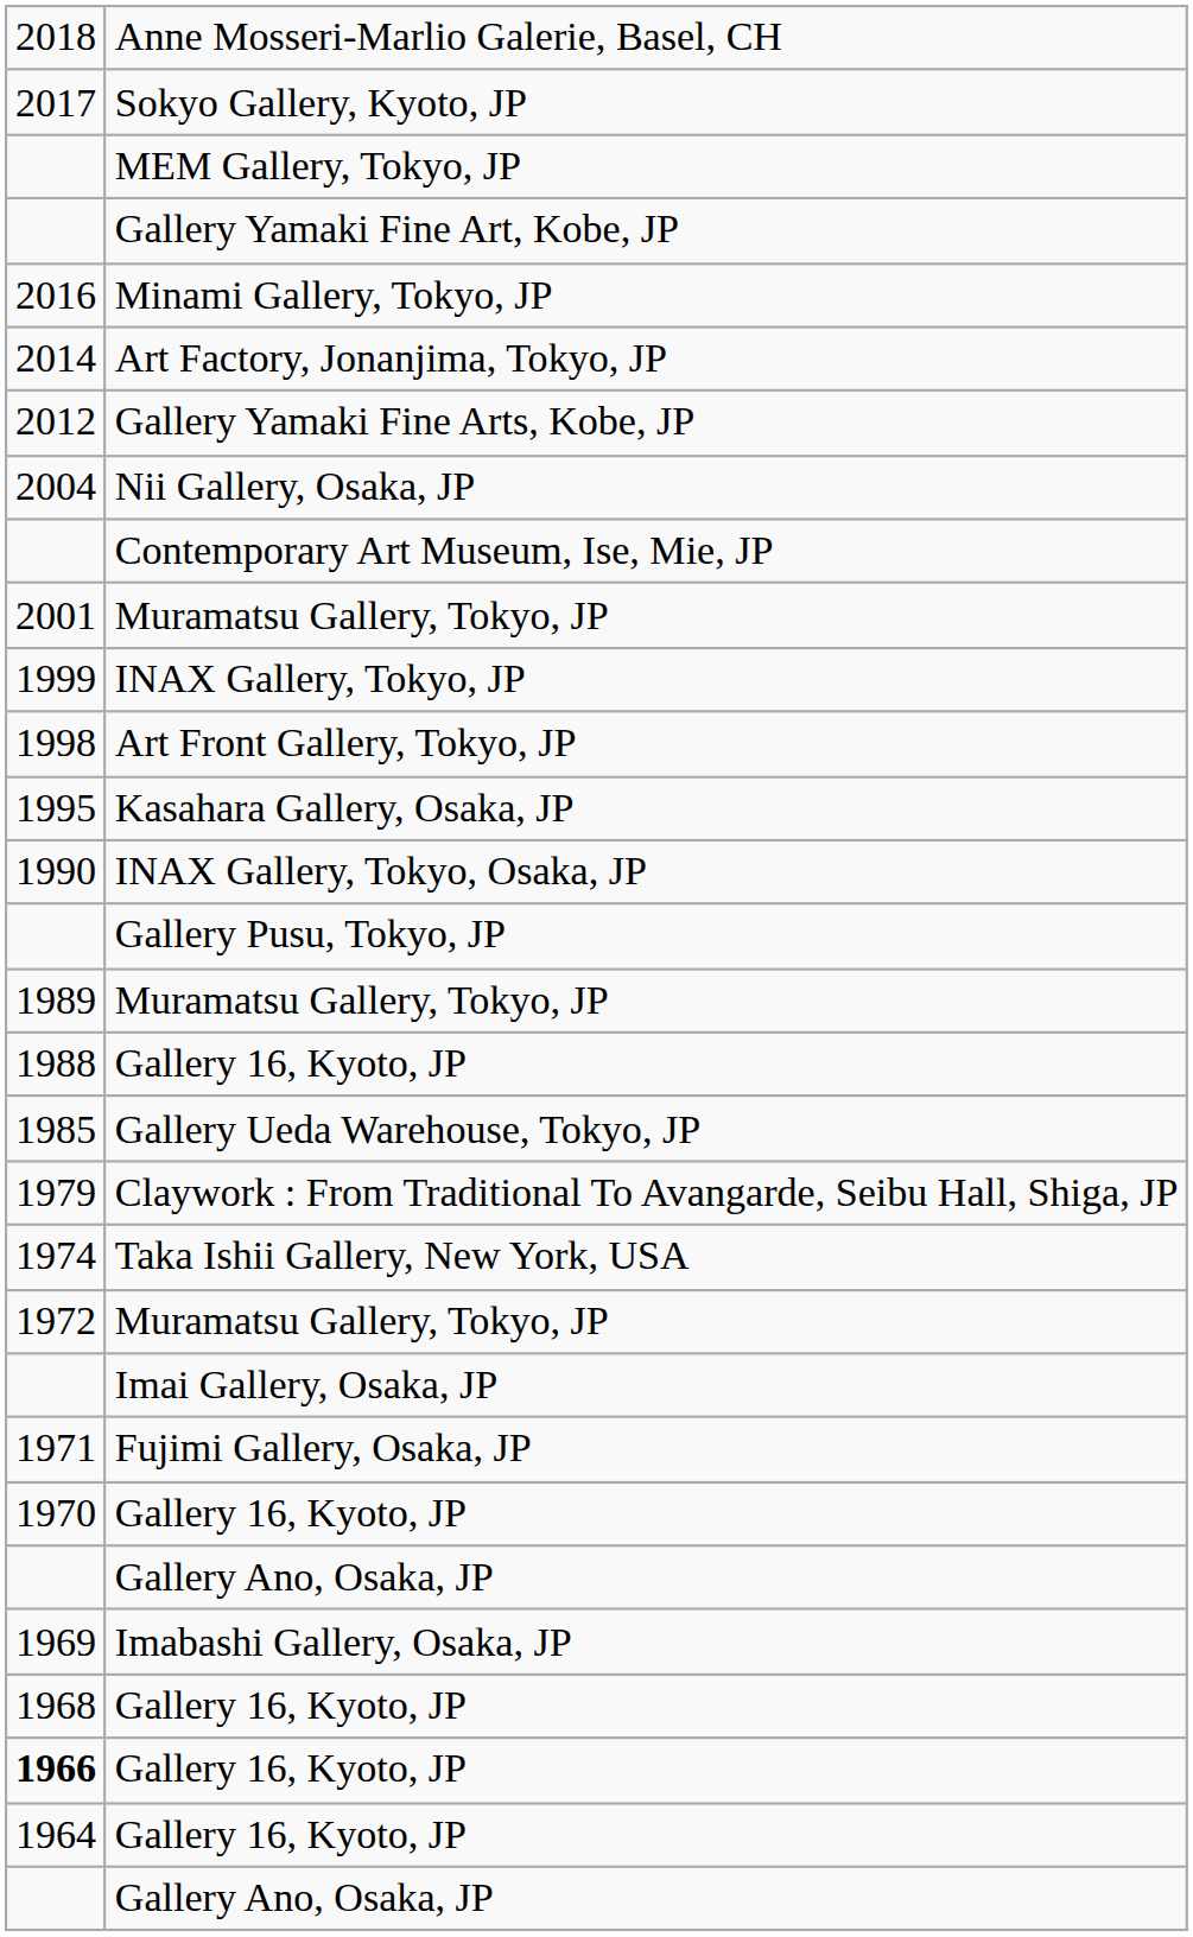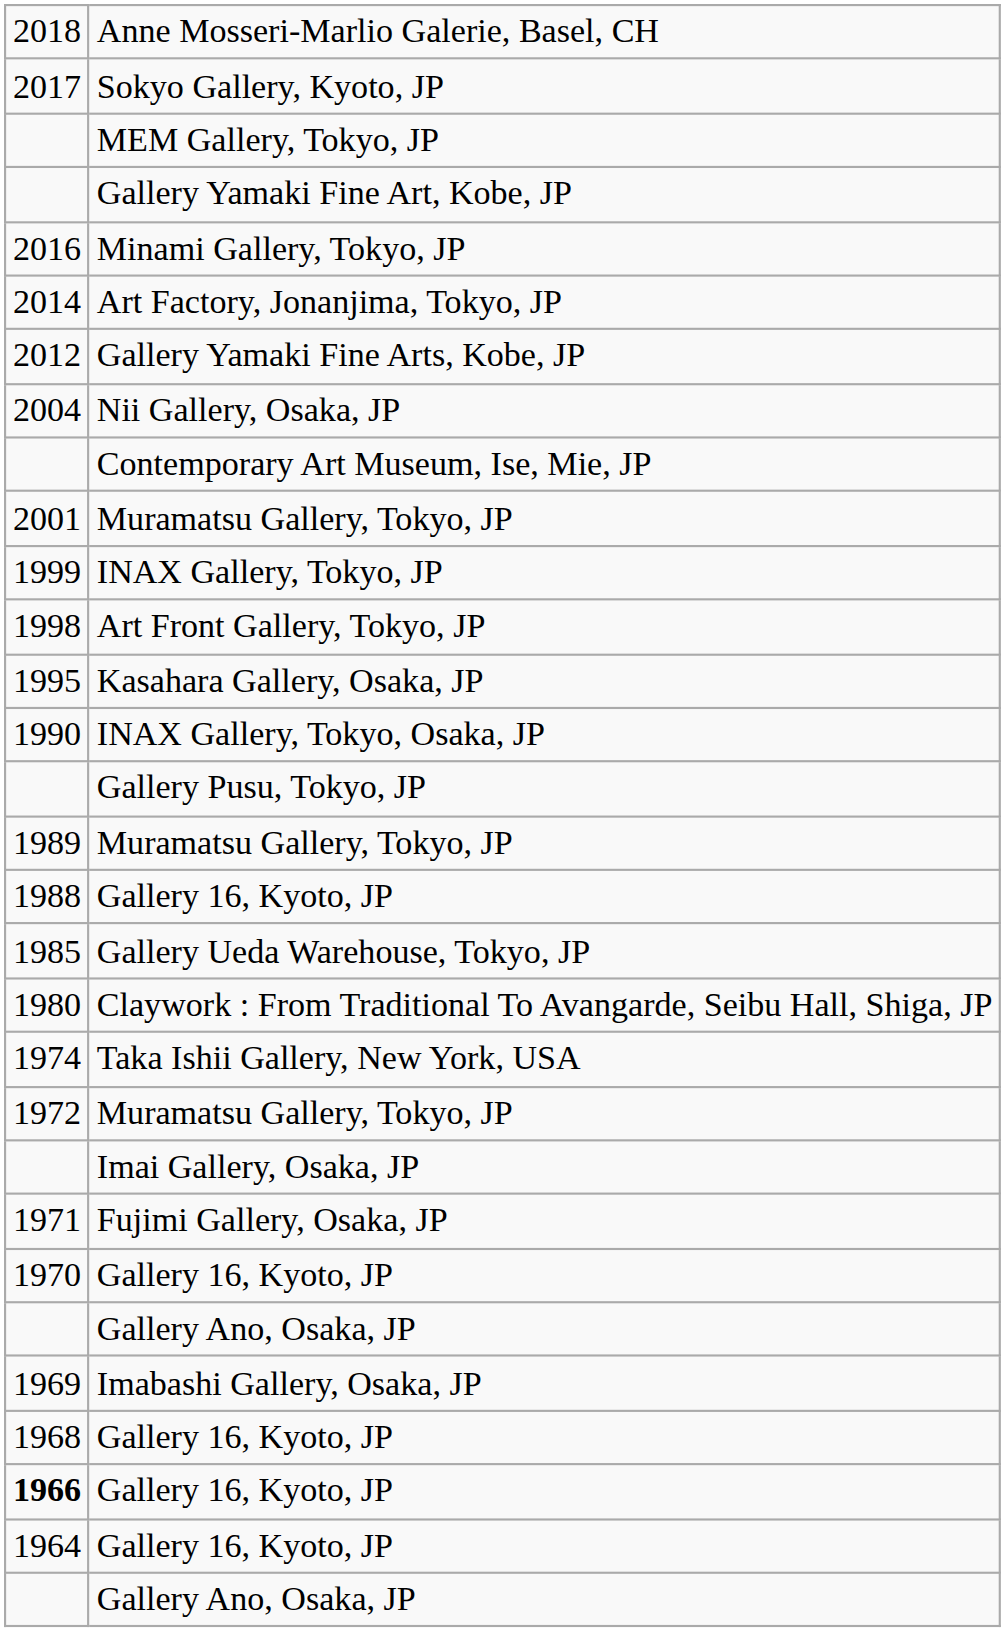 <table class="wikitable">
 <tr>
 <td>2018</td>
 <td>Anne Mosseri-Marlio  Galerie, Basel, CH</td>
 </tr>
 <tr>
 <td>2017</td>
 <td>Sokyo Gallery, Kyoto, JP</td>
 </tr>
 <tr>
 <td></td>
 <td>MEM Gallery, Tokyo, JP</td>
 </tr>
 <tr>
 <td></td>
 <td>Gallery Yamaki Fine Art,  Kobe, JP</td>
 </tr>
 <tr>
 <td>2016</td>
 <td>Minami Gallery, Tokyo, JP</td>
 </tr>
 <tr>
 <td>2014</td>
 <td>Art Factory, Jonanjima,  Tokyo, JP</td>
 </tr>
 <tr>
 <td>2012</td>
 <td>Gallery Yamaki Fine Arts,  Kobe, JP</td>
 </tr>
 <tr>
 <td>2004</td>
 <td>Nii Gallery, Osaka, JP</td>
 </tr>
 <tr>
 <td></td>
 <td>Contemporary Art Museum,  Ise, Mie, JP</td>
 </tr>
 <tr>
 <td>2001</td>
 <td>Muramatsu Gallery, Tokyo, JP</td>
 </tr>
 <tr>
 <td>1999</td>
 <td>INAX Gallery, Tokyo, JP</td>
 </tr>
 <tr>
 <td>1998</td>
 <td>Art Front Gallery, Tokyo, JP</td>
 </tr>
 <tr>
 <td>1995</td>
 <td>Kasahara Gallery, Osaka, JP</td>
 </tr>
 <tr>
 <td>1990</td>
 <td>INAX Gallery, Tokyo, Osaka, JP</td>
 </tr>
 <tr>
 <td></td>
 <td>Gallery Pusu, Tokyo, JP</td>
 </tr>
 <tr>
 <td>1989</td>
 <td>Muramatsu Gallery, Tokyo, JP</td>
 </tr>
 <tr>
 <td>1988</td>
 <td>Gallery 16, Kyoto, JP</td>
 </tr>
 <tr>
 <td>1985</td>
 <td>Gallery Ueda Warehouse, Tokyo, JP</td>
 </tr>
 <tr>
-<td>1979</td>
+<td>1980</td>
 <td>Claywork : From Traditional To Avangarde, Seibu Hall,  Shiga, JP</td>
 </tr>
 <tr>
 <td>1974</td>
 <td>Taka Ishii Gallery, New  York, USA</td>
 </tr>
 <tr>
 <td>1972</td>
 <td>Muramatsu Gallery, Tokyo, JP</td>
 </tr>
 <tr>
 <td></td>
 <td>Imai Gallery, Osaka, JP</td>
 </tr>
 <tr>
 <td>1971</td>
 <td>Fujimi Gallery, Osaka, JP</td>
 </tr>
 <tr>
 <td>1970</td>
 <td>Gallery 16, Kyoto, JP</td>
 </tr>
 <tr>
 <td></td>
 <td>Gallery Ano, Osaka, JP</td>
 </tr>
 <tr>
 <td>1969</td>
 <td>Imabashi Gallery, Osaka, JP</td>
 </tr>
 <tr>
 <td>1968</td>
 <td>Gallery 16, Kyoto, JP</td>
 </tr>
 <tr>
 <td><strong>1966</strong></td>
 <td>Gallery 16, Kyoto, JP</td>
 </tr>
 <tr>
 <td>1964</td>
 <td>Gallery 16, Kyoto, JP</td>
 </tr>
 <tr>
 <td></td>
 <td>Gallery Ano, Osaka, JP</td>
 </tr>
 </table>
